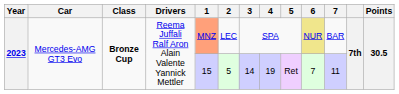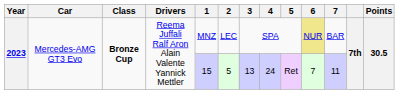 <table class="wikitable" style="font-size: 85%; text-align:center;">
 <tr valign="top">
 <th valign="middle">Year</th>
 <th valign="middle">Car</th>
 <th valign="middle">Class</th>
 <th valign="middle">Drivers</th>
 <th style="width:26px;">1</th>
 <th style="width:26px;">2</th>
 <th style="width:26px;">3</th>
 <th style="width:26px;">4</th>
 <th style="width:26px;">5</th>
 <th style="width:26px;">6</th>
 <th style="width:26px;">7</th>
 <th></th>
 <th valign="middle">Points</th>
 </tr>
 <tr>
 <th rowspan="2"><a href='#'>2023</a></th>
 <td rowspan="2"><a href='#'>Mercedes-AMG GT3 Evo</a></td>
 <td rowspan="2"><strong>Bronze Cup</strong></td>
 <td rowspan="2"> <a href='#'>Reema Juffali</a><br> <a href='#'>Ralf Aron</a><br> Alain Valente<br> Yannick Mettler</td>
-<td colspan=1 style="background: lightsalmon;"><a href='#'>MNZ</a></td>
+<td colspan=1><a href='#'>MNZ</a></td>
 <td colspan=1><a href='#'>LEC</a></td>
 <td colspan=3><a href='#'>SPA</a></td>
 <td colspan=1 style="background: khaki;"><a href='#'>NUR</a></td>
 <td colspan=1><a href='#'>BAR</a></td>
 <th rowspan="2" style="background:#;">7th</th>
 <th rowspan="2" style="background:#;">30.5</th>
 </tr>
 <tr>
 <td style="background:#CFCFFF;">15</td>
 <td style="background:#DFFFDF;">5</td>
-<td style="background:#CFCFFF;">14</td>
-<td style="background:#CFCFFF;">19</td>
+<td style="background:#CFCFFF;">13</td>
+<td style="background:#CFCFFF;">24</td>
 <td style="background:#efcfff;">Ret</td>
 <td style="background:#DFFFDF;">7</td>
 <td style="background:#CFCFFF;">11</td>
 </tr>
 </table>
